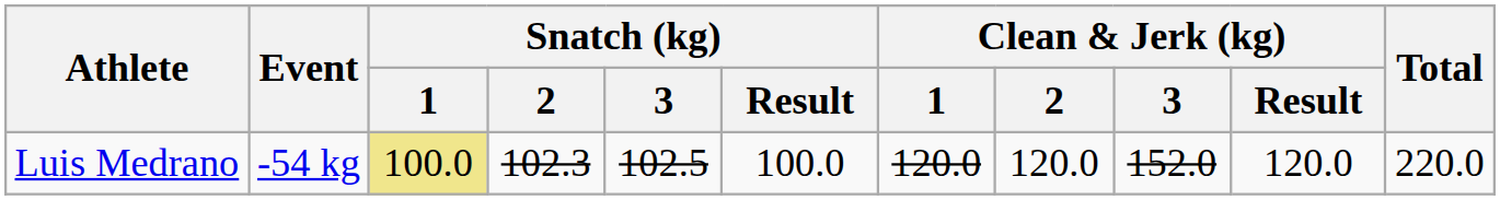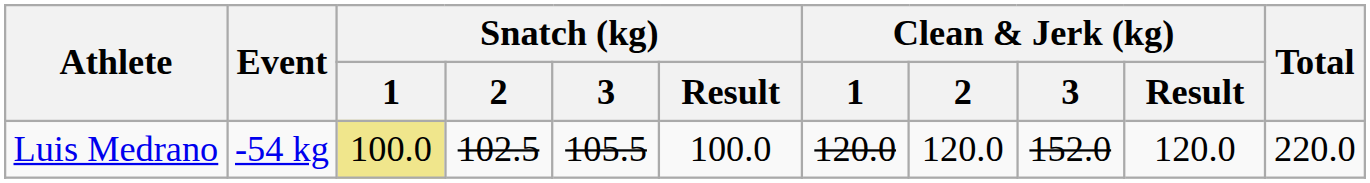 <table class="wikitable" style=" text-align:center;">
 <tr>
 <th rowspan=2>Athlete</th>
 <th rowspan=2>Event</th>
 <th colspan=4>Snatch (kg)</th>
 <th colspan=4>Clean & Jerk (kg)</th>
 <th rowspan=2>Total</th>
 </tr>
 <tr>
 <th width=40>1</th>
 <th width=40>2</th>
 <th width=40>3</th>
 <th width=55>Result</th>
 <th width=40>1</th>
 <th width=40>2</th>
 <th width=40>3</th>
 <th width=55>Result</th>
 </tr>
 <tr>
 <td align="left"><a href='#'>Luis Medrano</a></td>
 <td><a href='#'>-54 kg</a></td>
 <td style="background: khaki;">100.0</td>
-<td><s>102.3</s></td>
 <td><s>102.5</s></td>
+<td><s>105.5</s></td>
 <td>100.0</td>
 <td><s>120.0</s></td>
 <td>120.0</td>
 <td><s>152.0</s></td>
 <td>120.0</td>
 <td>220.0</td>
 </tr>
 </table>
